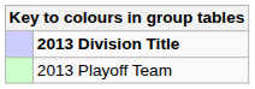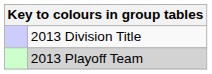 <table class="wikitable" style="text-align: center;">
 <tr>
 <th colspan=3>Key to colours in group tables</th>
 </tr>
 <tr>
 <td bgcolor=#CCCCFF style="width: 20px;"></td>
-<td align=left><strong>2013 Division Title</strong></td>
+<td align=left>2013 Division Title</td>
 </tr>
 <tr>
 <td bgcolor=#CCFFCC style="width: 20px;"></td>
-<td align=left>2013 Playoff Team</td>
+<td align=left style="background: lightgrey;">2013 Playoff Team</td>
 </tr>
 </table>
